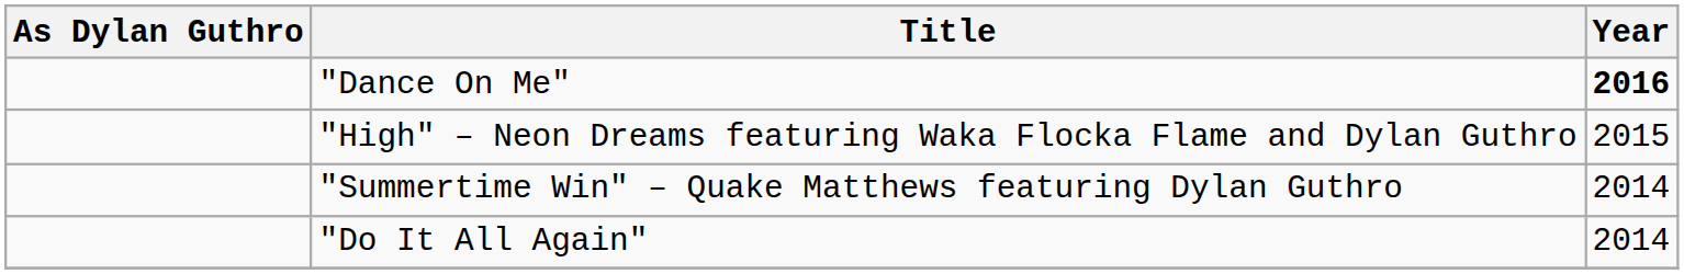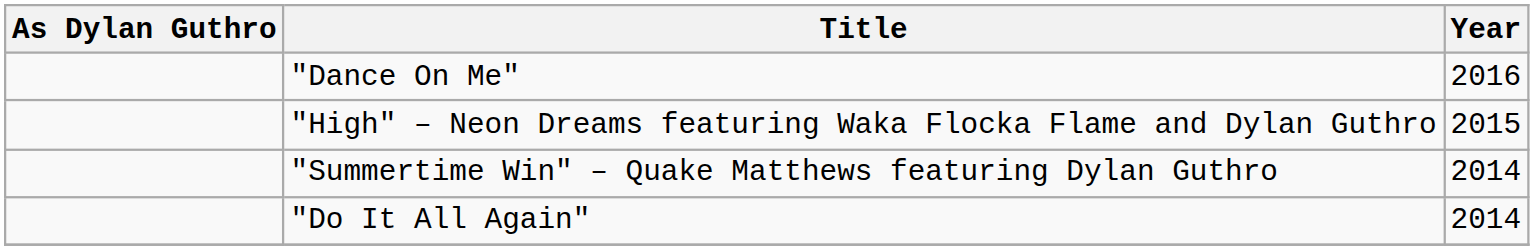 <table class="wikitable">
 <tr>
 <th>As Dylan Guthro</th>
 <th>Title</th>
 <th>Year</th>
 </tr>
 <tr>
 <td></td>
 <td>"Dance On Me"</td>
-<td><strong>2016</strong></td>
+<td>2016</td>
 </tr>
 <tr>
 <td></td>
 <td>"High" – Neon Dreams featuring Waka Flocka Flame and Dylan Guthro</td>
 <td>2015</td>
 </tr>
 <tr>
 <td></td>
 <td>"Summertime Win" – Quake Matthews featuring Dylan Guthro</td>
 <td>2014</td>
 </tr>
 <tr>
 <td></td>
 <td>"Do It All Again"</td>
 <td>2014</td>
 </tr>
 <tr>
 </tr>
 </table>
